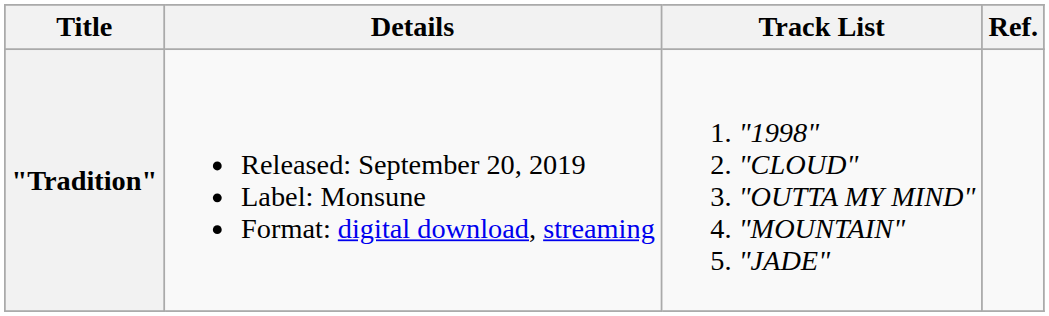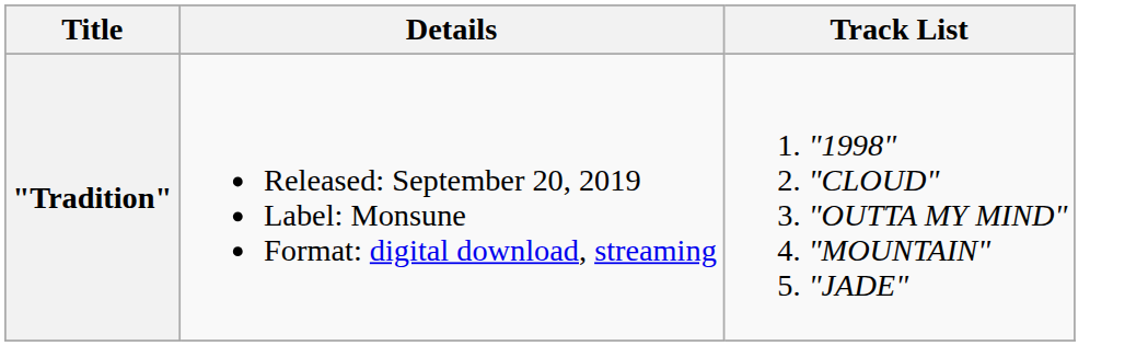 <table class="wikitable">
 <tr>
 <th>Title</th>
 <th>Details</th>
 <th>Track List</th>
-<th>Ref.</th>
 </tr>
 <tr>
 <th>"Tradition"</th>
 <td><br><ul><li>Released: September 20, 2019</li><li>Label: Monsune</li><li>Format: <a href='#'>digital download</a>, <a href='#'>streaming</a></li></ul></td>
 <td><br><ol><li><em>"1998"</em></li><li><em>"CLOUD"</em></li><li><em>"OUTTA MY MIND"</em></li><li><em>"MOUNTAIN"</em></li><li><em>"JADE"</em></li></ol></td>
-<td></td>
 </tr>
 </table>
